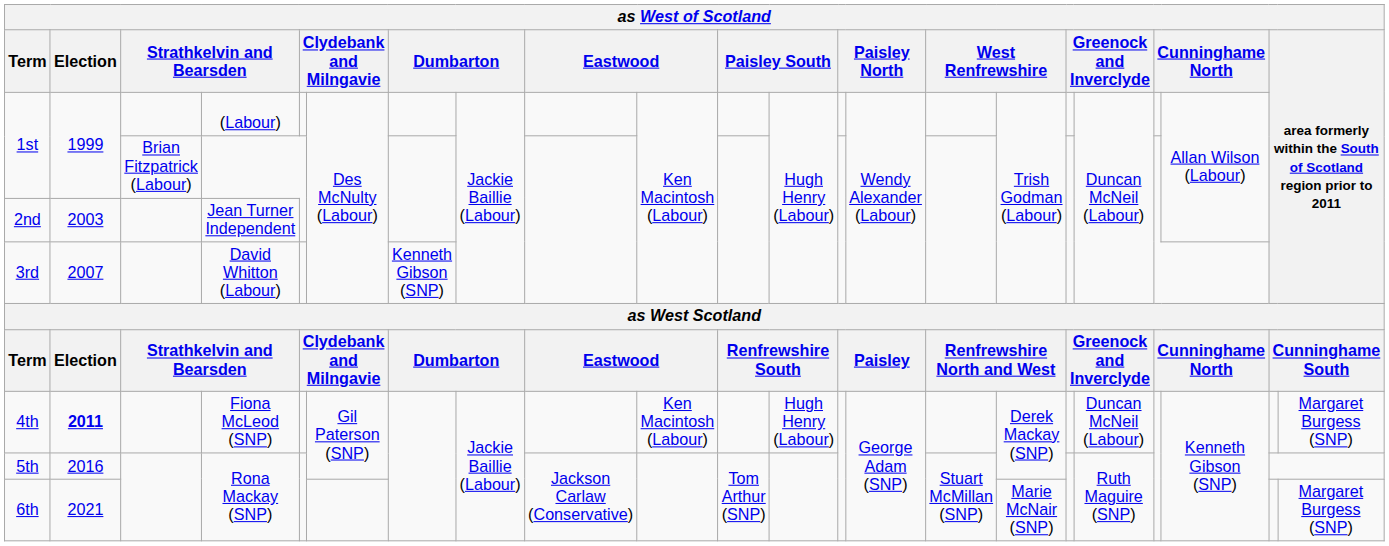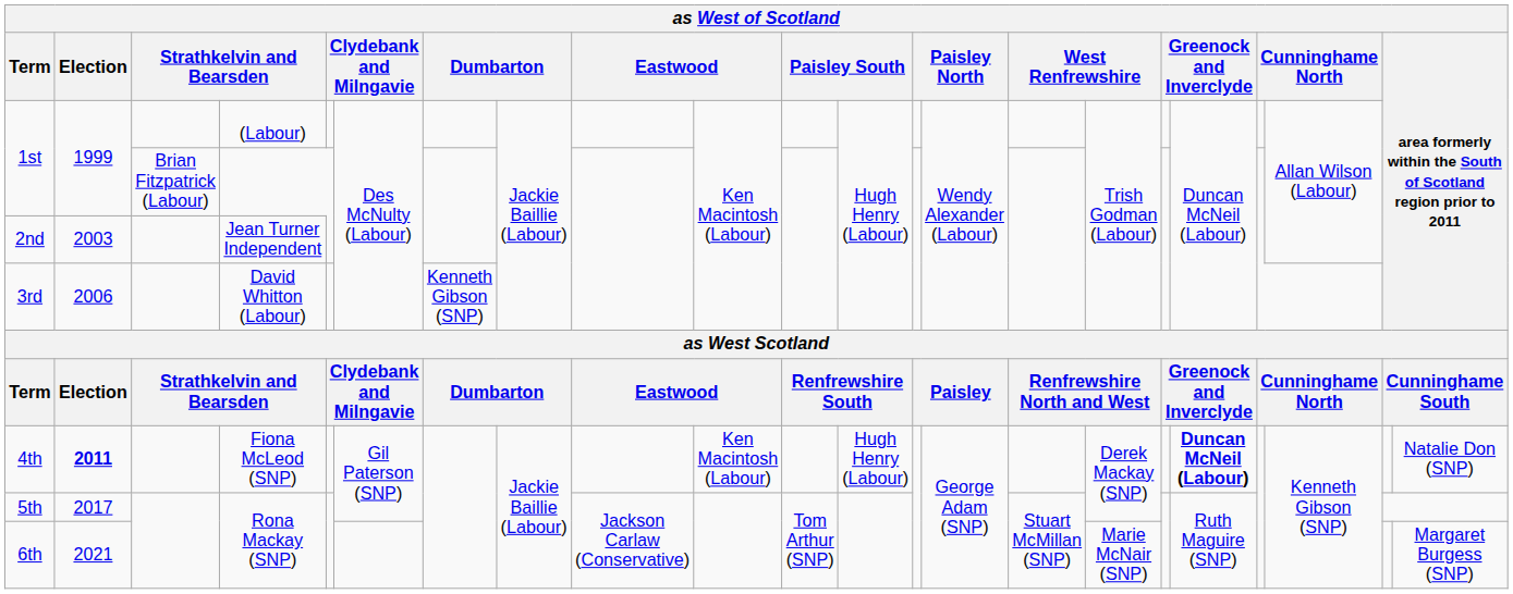 <table class="wikitable" style="text-align:center">
 <tr>
 <th colspan="22"><em>as <a href='#'>West of Scotland</a></em></th>
 </tr>
 <tr>
 <th>Term</th>
 <th>Election</th>
 <th colspan="2"><a href='#'>Strathkelvin and Bearsden</a></th>
 <th colspan="2"><a href='#'>Clydebank and Milngavie</a></th>
 <th colspan="2"><a href='#'>Dumbarton</a></th>
 <th colspan="2"><a href='#'>Eastwood</a></th>
 <th colspan="2"><a href='#'>Paisley South</a></th>
 <th colspan="2"><a href='#'>Paisley North</a></th>
 <th colspan="2"><a href='#'>West Renfrewshire</a></th>
 <th colspan="2"><a href='#'>Greenock and Inverclyde</a></th>
 <th colspan="2"><a href='#'>Cunninghame North</a></th>
 <th colspan="2" rowspan="5"><small>area formerly within the <a href='#'>South of Scotland</a> region prior to 2011</small></th>
 </tr>
 <tr>
 <td rowspan="2"><a href='#'>1st</a></td>
 <td rowspan="2"><a href='#'>1999</a></td>
 <td></td>
 <td><br>(<a href='#'>Labour</a>)</td>
 <td></td>
 <td rowspan="4"><a href='#'>Des McNulty</a><br>(<a href='#'>Labour</a>)</td>
 <td></td>
 <td rowspan="4"><a href='#'>Jackie Baillie</a><br>(<a href='#'>Labour</a>)</td>
 <td></td>
 <td rowspan="4"><a href='#'>Ken Macintosh</a><br>(<a href='#'>Labour</a>)</td>
 <td></td>
 <td rowspan="4"><a href='#'>Hugh Henry</a><br>(<a href='#'>Labour</a>)</td>
 <td></td>
 <td rowspan="4"><a href='#'>Wendy Alexander</a><br>(<a href='#'>Labour</a>)</td>
 <td></td>
 <td rowspan="4"><a href='#'>Trish Godman</a><br>(<a href='#'>Labour</a>)</td>
 <td></td>
 <td rowspan="4"><a href='#'>Duncan McNeil</a><br>(<a href='#'>Labour</a>)</td>
 <td></td>
 <td rowspan="3"><a href='#'>Allan Wilson</a><br>(<a href='#'>Labour</a>)</td>
 </tr>
 <tr>
 <td><a href='#'>Brian Fitzpatrick</a><br>(<a href='#'>Labour</a>)</td>
 </tr>
 <tr>
 <td><a href='#'>2nd</a></td>
 <td><a href='#'>2003</a></td>
 <td></td>
 <td><a href='#'>Jean Turner</a><br><a href='#'>Independent</a></td>
 </tr>
 <tr>
 <td><a href='#'>3rd</a></td>
-<td><a href='#'>2007</a></td>
+<td><a href='#'>2006</a></td>
 <td></td>
 <td><a href='#'>David Whitton</a><br>(<a href='#'>Labour</a>)</td>
 <td></td>
 <td><a href='#'>Kenneth Gibson</a><br>(<a href='#'>SNP</a>)</td>
 </tr>
 <tr>
 <th colspan="22"><em>as West Scotland</em></th>
 </tr>
 <tr>
 <th>Term</th>
 <th>Election</th>
 <th colspan="2"><a href='#'>Strathkelvin and Bearsden</a></th>
 <th colspan="2"><a href='#'>Clydebank and Milngavie</a></th>
 <th colspan="2"><a href='#'>Dumbarton</a></th>
 <th colspan="2"><a href='#'>Eastwood</a></th>
 <th colspan="2"><a href='#'>Renfrewshire South</a></th>
 <th colspan="2"><a href='#'>Paisley</a></th>
 <th colspan="2"><a href='#'>Renfrewshire North and West</a></th>
 <th colspan="2"><a href='#'>Greenock and Inverclyde</a></th>
 <th colspan="2"><a href='#'>Cunninghame North</a></th>
 <th colspan="2"><a href='#'>Cunninghame South</a></th>
 </tr>
 <tr>
 <td><a href='#'>4th</a></td>
 <td><strong><a href='#'>2011</a></strong></td>
 <td></td>
 <td><a href='#'>Fiona McLeod</a><br>(<a href='#'>SNP</a>)</td>
 <td></td>
 <td rowspan="2"><a href='#'>Gil Paterson</a><br>(<a href='#'>SNP</a>)</td>
 <td rowspan="3"></td>
 <td rowspan="3"><a href='#'>Jackie Baillie</a><br>(<a href='#'>Labour</a>)</td>
 <td></td>
 <td><a href='#'>Ken Macintosh</a><br>(<a href='#'>Labour</a>)</td>
 <td></td>
 <td><a href='#'>Hugh Henry</a><br>(<a href='#'>Labour</a>)</td>
 <td rowspan="3"></td>
 <td rowspan="3"><a href='#'>George Adam</a><br>(<a href='#'>SNP</a>)</td>
 <td></td>
 <td rowspan="2"><a href='#'>Derek Mackay</a><br>(<a href='#'>SNP</a>)</td>
 <td></td>
-<td><a href='#'>Duncan McNeil</a><br>(<a href='#'>Labour</a>)</td>
+<td><strong><a href='#'>Duncan McNeil</a><br>(<a href='#'>Labour</a>)</strong></td>
 <td rowspan="3"></td>
 <td rowspan="3"><a href='#'>Kenneth Gibson</a><br>(<a href='#'>SNP</a>)</td>
 <td></td>
-<td><a href='#'>Margaret Burgess</a><br>(<a href='#'>SNP</a>)</td>
+<td><a href='#'>Natalie Don</a> (<a href='#'>SNP</a>)</td>
 </tr>
 <tr>
 <td><a href='#'>5th</a></td>
-<td><a href='#'>2016</a></td>
+<td><a href='#'>2017</a></td>
 <td rowspan="2"></td>
 <td rowspan="2"><a href='#'>Rona Mackay</a><br>(<a href='#'>SNP</a>)</td>
 <td rowspan="2"></td>
 <td rowspan="2"><a href='#'>Jackson Carlaw</a><br>(<a href='#'>Conservative</a>)</td>
 <td rowspan="2"></td>
 <td rowspan="2"><a href='#'>Tom Arthur</a><br>(<a href='#'>SNP</a>)</td>
 <td rowspan="2"></td>
 <td rowspan="2"><a href='#'>Stuart McMillan</a><br>(<a href='#'>SNP</a>)</td>
 <td rowspan="2"></td>
 <td rowspan="2"><a href='#'>Ruth Maguire</a><br>(<a href='#'>SNP</a>)</td>
 </tr>
 <tr>
 <td><a href='#'>6th</a></td>
 <td><a href='#'>2021</a></td>
 <td></td>
 <td><a href='#'>Marie McNair</a> (<a href='#'>SNP</a>)</td>
 <td></td>
 <td><a href='#'>Margaret Burgess</a><br>(<a href='#'>SNP</a>)</td>
 </tr>
 </table>
